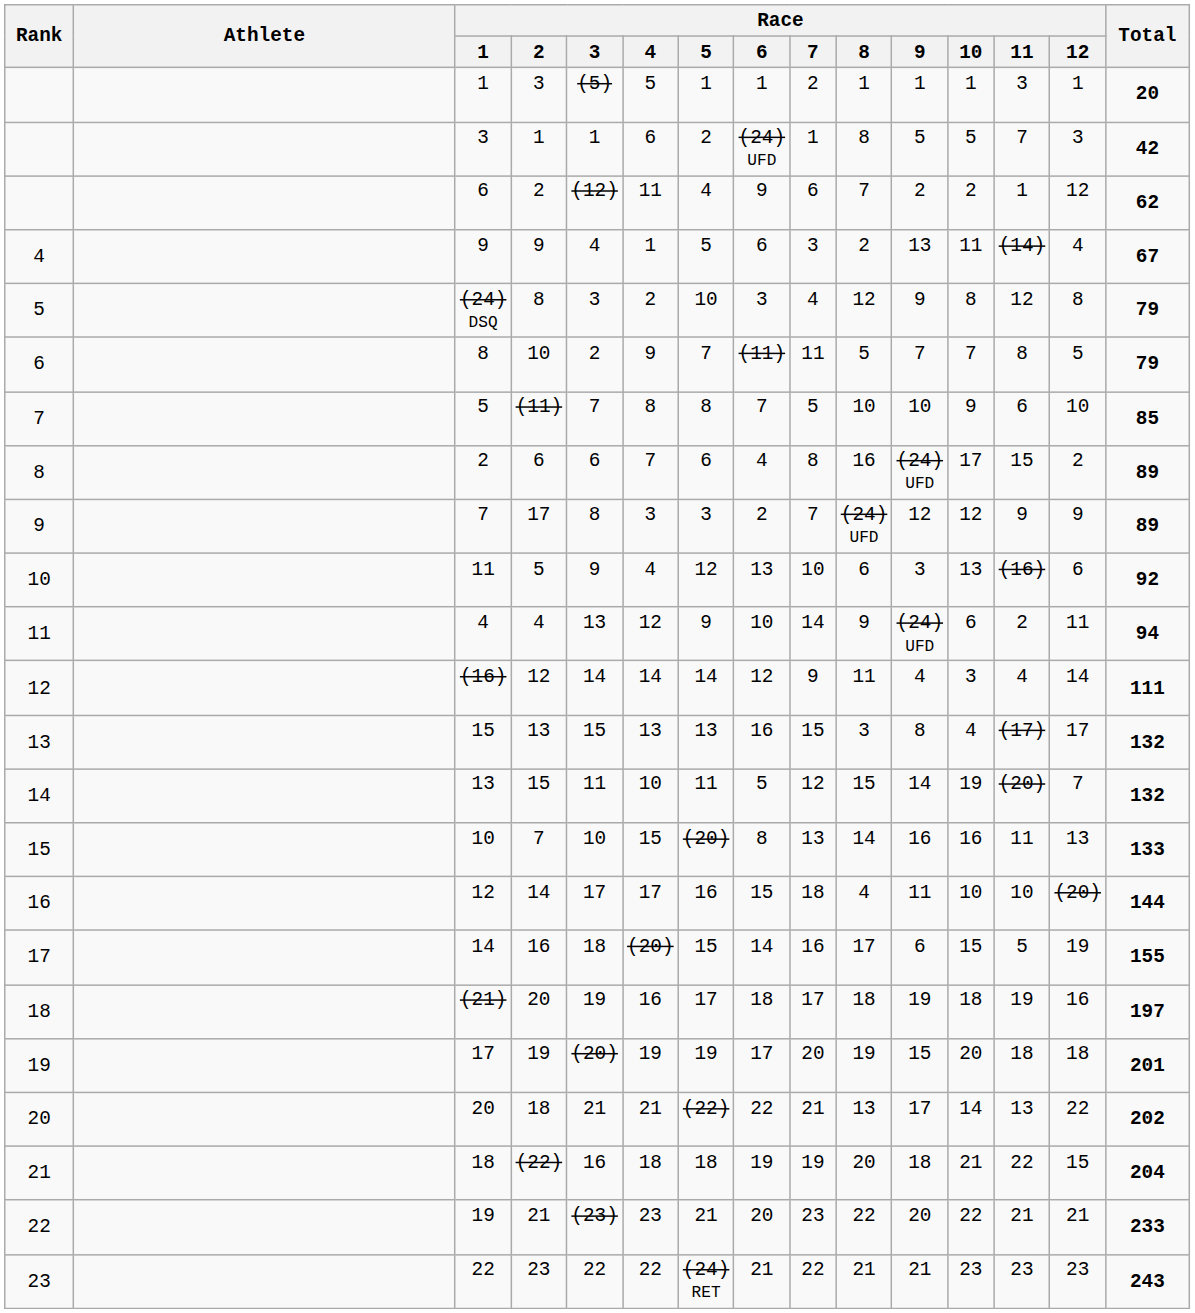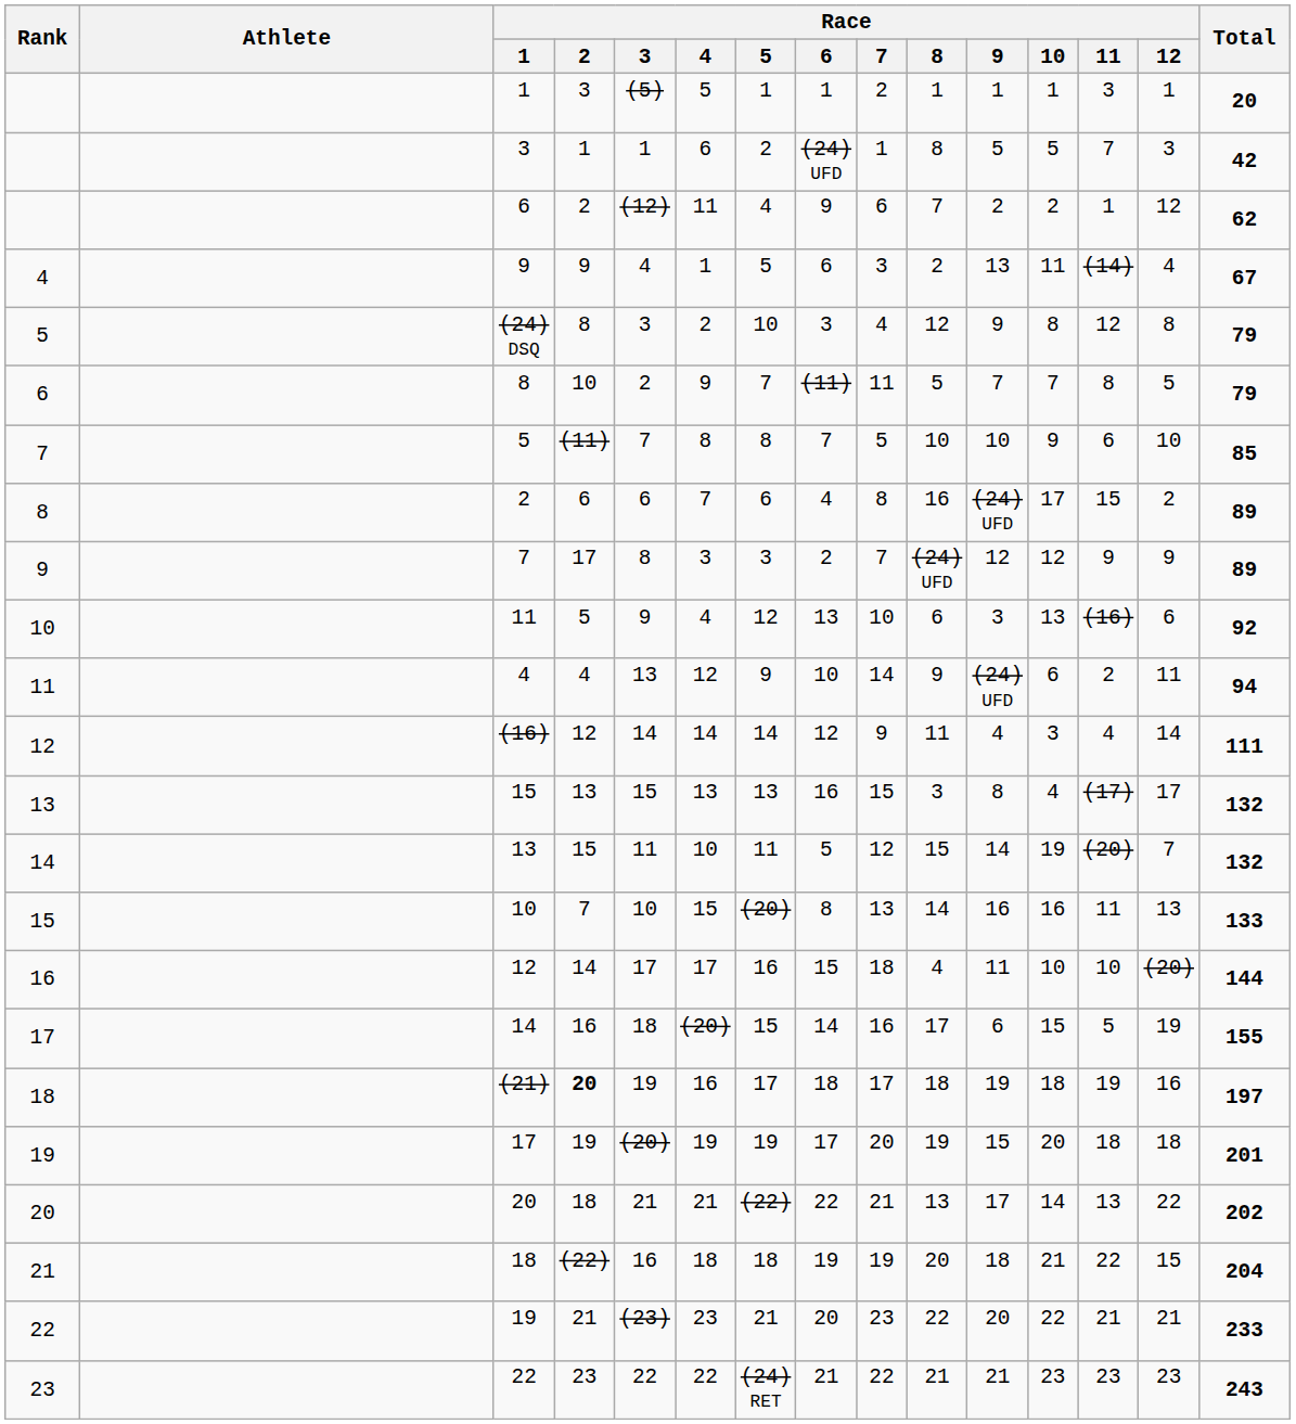 <table | class="wikitable" style="text-align:center">
 <tr>
 <th rowspan="2" width=40>Rank</th>
 <th rowspan="2" width=250>Athlete</th>
 <th colspan="12">Race</th>
 <th rowspan="2" width=50>Total</th>
 </tr>
 <tr>
 <th width=25>1</th>
 <th width=25>2</th>
 <th width=25>3</th>
 <th width=25>4</th>
 <th width=25>5</th>
 <th width=25>6</th>
 <th width=25>7</th>
 <th width=25>8</th>
 <th width=25>9</th>
 <th width=25>10</th>
 <th width=25>11</th>
 <th width=25>12</th>
 </tr>
 <tr>
 <td></td>
 <td align=left></td>
 <td>1<br> </td>
 <td>3<br> </td>
 <td><s>(5)</s><br> </td>
 <td>5<br> </td>
 <td>1<br> </td>
 <td>1<br> </td>
 <td>2<br> </td>
 <td>1<br> </td>
 <td>1<br> </td>
 <td>1<br> </td>
 <td>3<br> </td>
 <td>1<br> </td>
 <td><strong>20</strong></td>
 </tr>
 <tr>
 <td></td>
 <td align=left></td>
 <td>3<br> </td>
 <td>1<br> </td>
 <td>1<br> </td>
 <td>6<br> </td>
 <td>2<br> </td>
 <td><s>(24)</s><br><small>UFD</small></td>
 <td>1<br> </td>
 <td>8<br> </td>
 <td>5<br> </td>
 <td>5<br> </td>
 <td>7<br> </td>
 <td>3<br> </td>
 <td><strong>42</strong></td>
 </tr>
 <tr>
 <td></td>
 <td align=left></td>
 <td>6<br> </td>
 <td>2<br> </td>
 <td><s>(12)</s><br> </td>
 <td>11<br> </td>
 <td>4<br> </td>
 <td>9<br> </td>
 <td>6<br> </td>
 <td>7<br> </td>
 <td>2<br> </td>
 <td>2<br> </td>
 <td>1<br> </td>
 <td>12<br> </td>
 <td><strong>62</strong></td>
 </tr>
 <tr>
 <td>4</td>
 <td align=left></td>
 <td>9<br> </td>
 <td>9<br> </td>
 <td>4<br> </td>
 <td>1<br> </td>
 <td>5<br> </td>
 <td>6<br> </td>
 <td>3<br> </td>
 <td>2<br> </td>
 <td>13<br> </td>
 <td>11<br> </td>
 <td><s>(14)</s><br> </td>
 <td>4<br> </td>
 <td><strong>67</strong></td>
 </tr>
 <tr>
 <td>5</td>
 <td align=left></td>
 <td><s>(24)</s><br><small>DSQ</small></td>
 <td>8<br> </td>
 <td>3<br> </td>
 <td>2<br> </td>
 <td>10<br> </td>
 <td>3<br> </td>
 <td>4<br> </td>
 <td>12<br> </td>
 <td>9<br> </td>
 <td>8<br> </td>
 <td>12<br> </td>
 <td>8<br> </td>
 <td><strong>79</strong></td>
 </tr>
 <tr>
 <td>6</td>
 <td align=left></td>
 <td>8<br> </td>
 <td>10<br> </td>
 <td>2<br> </td>
 <td>9<br> </td>
 <td>7<br> </td>
 <td><s>(11)</s><br> </td>
 <td>11<br> </td>
 <td>5<br> </td>
 <td>7<br> </td>
 <td>7<br> </td>
 <td>8<br> </td>
 <td>5<br> </td>
 <td><strong>79</strong></td>
 </tr>
 <tr>
 <td>7</td>
 <td align=left></td>
 <td>5<br> </td>
 <td><s>(11)</s><br> </td>
 <td>7<br> </td>
 <td>8<br> </td>
 <td>8<br> </td>
 <td>7<br> </td>
 <td>5<br> </td>
 <td>10<br> </td>
 <td>10<br> </td>
 <td>9<br> </td>
 <td>6<br> </td>
 <td>10<br> </td>
 <td><strong>85</strong></td>
 </tr>
 <tr>
 <td>8</td>
 <td align=left></td>
 <td>2<br> </td>
 <td>6<br> </td>
 <td>6<br> </td>
 <td>7<br> </td>
 <td>6<br> </td>
 <td>4<br> </td>
 <td>8<br> </td>
 <td>16<br> </td>
 <td><s>(24)</s><br><small>UFD</small></td>
 <td>17<br> </td>
 <td>15<br> </td>
 <td>2<br> </td>
 <td><strong>89</strong></td>
 </tr>
 <tr>
 <td>9</td>
 <td align=left></td>
 <td>7<br> </td>
 <td>17<br> </td>
 <td>8<br> </td>
 <td>3<br> </td>
 <td>3<br> </td>
 <td>2<br> </td>
 <td>7<br> </td>
 <td><s>(24)</s><br><small>UFD</small></td>
 <td>12<br> </td>
 <td>12<br> </td>
 <td>9<br> </td>
 <td>9<br> </td>
 <td><strong>89</strong></td>
 </tr>
 <tr>
 <td>10</td>
 <td align=left></td>
 <td>11<br> </td>
 <td>5<br> </td>
 <td>9<br> </td>
 <td>4<br> </td>
 <td>12<br> </td>
 <td>13<br> </td>
 <td>10<br> </td>
 <td>6<br> </td>
 <td>3<br> </td>
 <td>13<br> </td>
 <td><s>(16)</s><br> </td>
 <td>6<br> </td>
 <td><strong>92</strong></td>
 </tr>
 <tr>
 <td>11</td>
 <td align=left></td>
 <td>4<br> </td>
 <td>4<br> </td>
 <td>13<br> </td>
 <td>12<br> </td>
 <td>9<br> </td>
 <td>10<br> </td>
 <td>14<br> </td>
 <td>9<br> </td>
 <td><s>(24)</s><br><small>UFD</small></td>
 <td>6<br> </td>
 <td>2<br> </td>
 <td>11<br> </td>
 <td><strong>94</strong></td>
 </tr>
 <tr>
 <td>12</td>
 <td align=left></td>
 <td><s>(16)</s><br> </td>
 <td>12<br> </td>
 <td>14<br> </td>
 <td>14<br> </td>
 <td>14<br> </td>
 <td>12<br> </td>
 <td>9<br> </td>
 <td>11<br> </td>
 <td>4<br> </td>
 <td>3<br> </td>
 <td>4<br> </td>
 <td>14<br> </td>
 <td><strong>111</strong></td>
 </tr>
 <tr>
 <td>13</td>
 <td align=left></td>
 <td>15<br> </td>
 <td>13<br> </td>
 <td>15<br> </td>
 <td>13<br> </td>
 <td>13<br> </td>
 <td>16<br> </td>
 <td>15<br> </td>
 <td>3<br> </td>
 <td>8<br> </td>
 <td>4<br> </td>
 <td><s>(17)</s><br> </td>
 <td>17<br> </td>
 <td><strong>132</strong></td>
 </tr>
 <tr>
 <td>14</td>
 <td align=left></td>
 <td>13<br> </td>
 <td>15<br> </td>
 <td>11<br> </td>
 <td>10<br> </td>
 <td>11<br> </td>
 <td>5<br> </td>
 <td>12<br> </td>
 <td>15<br> </td>
 <td>14<br> </td>
 <td>19<br> </td>
 <td><s>(20)</s><br> </td>
 <td>7<br> </td>
 <td><strong>132</strong></td>
 </tr>
 <tr>
 <td>15</td>
 <td align=left></td>
 <td>10<br> </td>
 <td>7<br> </td>
 <td>10<br> </td>
 <td>15<br> </td>
 <td><s>(20)</s><br> </td>
 <td>8<br> </td>
 <td>13<br> </td>
 <td>14<br> </td>
 <td>16<br> </td>
 <td>16<br> </td>
 <td>11<br> </td>
 <td>13<br> </td>
 <td><strong>133</strong></td>
 </tr>
 <tr>
 <td>16</td>
 <td align=left></td>
 <td>12<br> </td>
 <td>14<br> </td>
 <td>17<br> </td>
 <td>17<br> </td>
 <td>16<br> </td>
 <td>15<br> </td>
 <td>18<br> </td>
 <td>4<br> </td>
 <td>11<br> </td>
 <td>10<br> </td>
 <td>10<br> </td>
 <td><s>(20)</s><br> </td>
 <td><strong>144</strong></td>
 </tr>
 <tr>
 <td>17</td>
 <td align=left></td>
 <td>14<br> </td>
 <td>16<br> </td>
 <td>18<br> </td>
 <td><s>(20)</s><br> </td>
 <td>15<br> </td>
 <td>14<br> </td>
 <td>16<br> </td>
 <td>17<br> </td>
 <td>6<br> </td>
 <td>15<br> </td>
 <td>5<br> </td>
 <td>19<br> </td>
 <td><strong>155</strong></td>
 </tr>
 <tr>
 <td>18</td>
 <td align=left></td>
 <td><s>(21)</s><br> </td>
-<td>20<br> </td>
+<td><strong>20<br> </strong></td>
 <td>19<br> </td>
 <td>16<br> </td>
 <td>17<br> </td>
 <td>18<br> </td>
 <td>17<br> </td>
 <td>18<br> </td>
 <td>19<br> </td>
 <td>18<br> </td>
 <td>19<br> </td>
 <td>16<br> </td>
 <td><strong>197</strong></td>
 </tr>
 <tr>
 <td>19</td>
 <td align=left></td>
 <td>17<br> </td>
 <td>19<br> </td>
 <td><s>(20)</s><br> </td>
 <td>19<br> </td>
 <td>19<br> </td>
 <td>17<br> </td>
 <td>20<br> </td>
 <td>19<br> </td>
 <td>15<br> </td>
 <td>20<br> </td>
 <td>18<br> </td>
 <td>18<br> </td>
 <td><strong>201</strong></td>
 </tr>
 <tr>
 <td>20</td>
 <td align=left></td>
 <td>20<br> </td>
 <td>18<br> </td>
 <td>21<br> </td>
 <td>21<br> </td>
 <td><s>(22)</s><br> </td>
 <td>22<br> </td>
 <td>21<br> </td>
 <td>13<br> </td>
 <td>17<br> </td>
 <td>14<br> </td>
 <td>13<br> </td>
 <td>22<br> </td>
 <td><strong>202</strong></td>
 </tr>
 <tr>
 <td>21</td>
 <td align=left></td>
 <td>18<br> </td>
 <td><s>(22)</s><br> </td>
 <td>16<br> </td>
 <td>18<br> </td>
 <td>18<br> </td>
 <td>19<br> </td>
 <td>19<br> </td>
 <td>20<br> </td>
 <td>18<br> </td>
 <td>21<br> </td>
 <td>22<br> </td>
 <td>15<br> </td>
 <td><strong>204</strong></td>
 </tr>
 <tr>
 <td>22</td>
 <td align=left></td>
 <td>19<br> </td>
 <td>21<br> </td>
 <td><s>(23)</s><br> </td>
 <td>23<br> </td>
 <td>21<br> </td>
 <td>20<br> </td>
 <td>23<br> </td>
 <td>22<br> </td>
 <td>20<br> </td>
 <td>22<br> </td>
 <td>21<br> </td>
 <td>21<br> </td>
 <td><strong>233</strong></td>
 </tr>
 <tr>
 <td>23</td>
 <td align=left></td>
 <td>22<br> </td>
 <td>23<br> </td>
 <td>22<br> </td>
 <td>22<br> </td>
 <td><s>(24)</s><br><small>RET</small></td>
 <td>21<br> </td>
 <td>22<br> </td>
 <td>21<br> </td>
 <td>21<br> </td>
 <td>23<br> </td>
 <td>23<br> </td>
 <td>23<br> </td>
 <td><strong>243</strong></td>
 </tr>
 </table>
